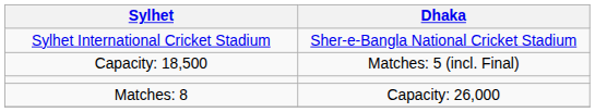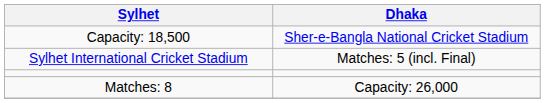 <table class="wikitable" style="text-align:center;margin:auto">
 <tr>
 <th style="width:33%;"><a href='#'>Sylhet</a></th>
 <th style="width:33%;"><a href='#'>Dhaka</a></th>
 </tr>
 <tr>
-<td><a href='#'>Sylhet International Cricket Stadium</a></td>
+<td>Capacity: 18,500</td>
 <td><a href='#'>Sher-e-Bangla National Cricket Stadium</a></td>
 </tr>
 <tr>
-<td>Capacity: 18,500</td>
+<td><a href='#'>Sylhet International Cricket Stadium</a></td>
 <td>Matches: 5 (incl. Final)</td>
 </tr>
 <tr>
 <td></td>
 <td></td>
 </tr>
 <tr>
 <td>Matches: 8</td>
 <td>Capacity: 26,000</td>
 </tr>
 <tr>
 </tr>
 </table>
